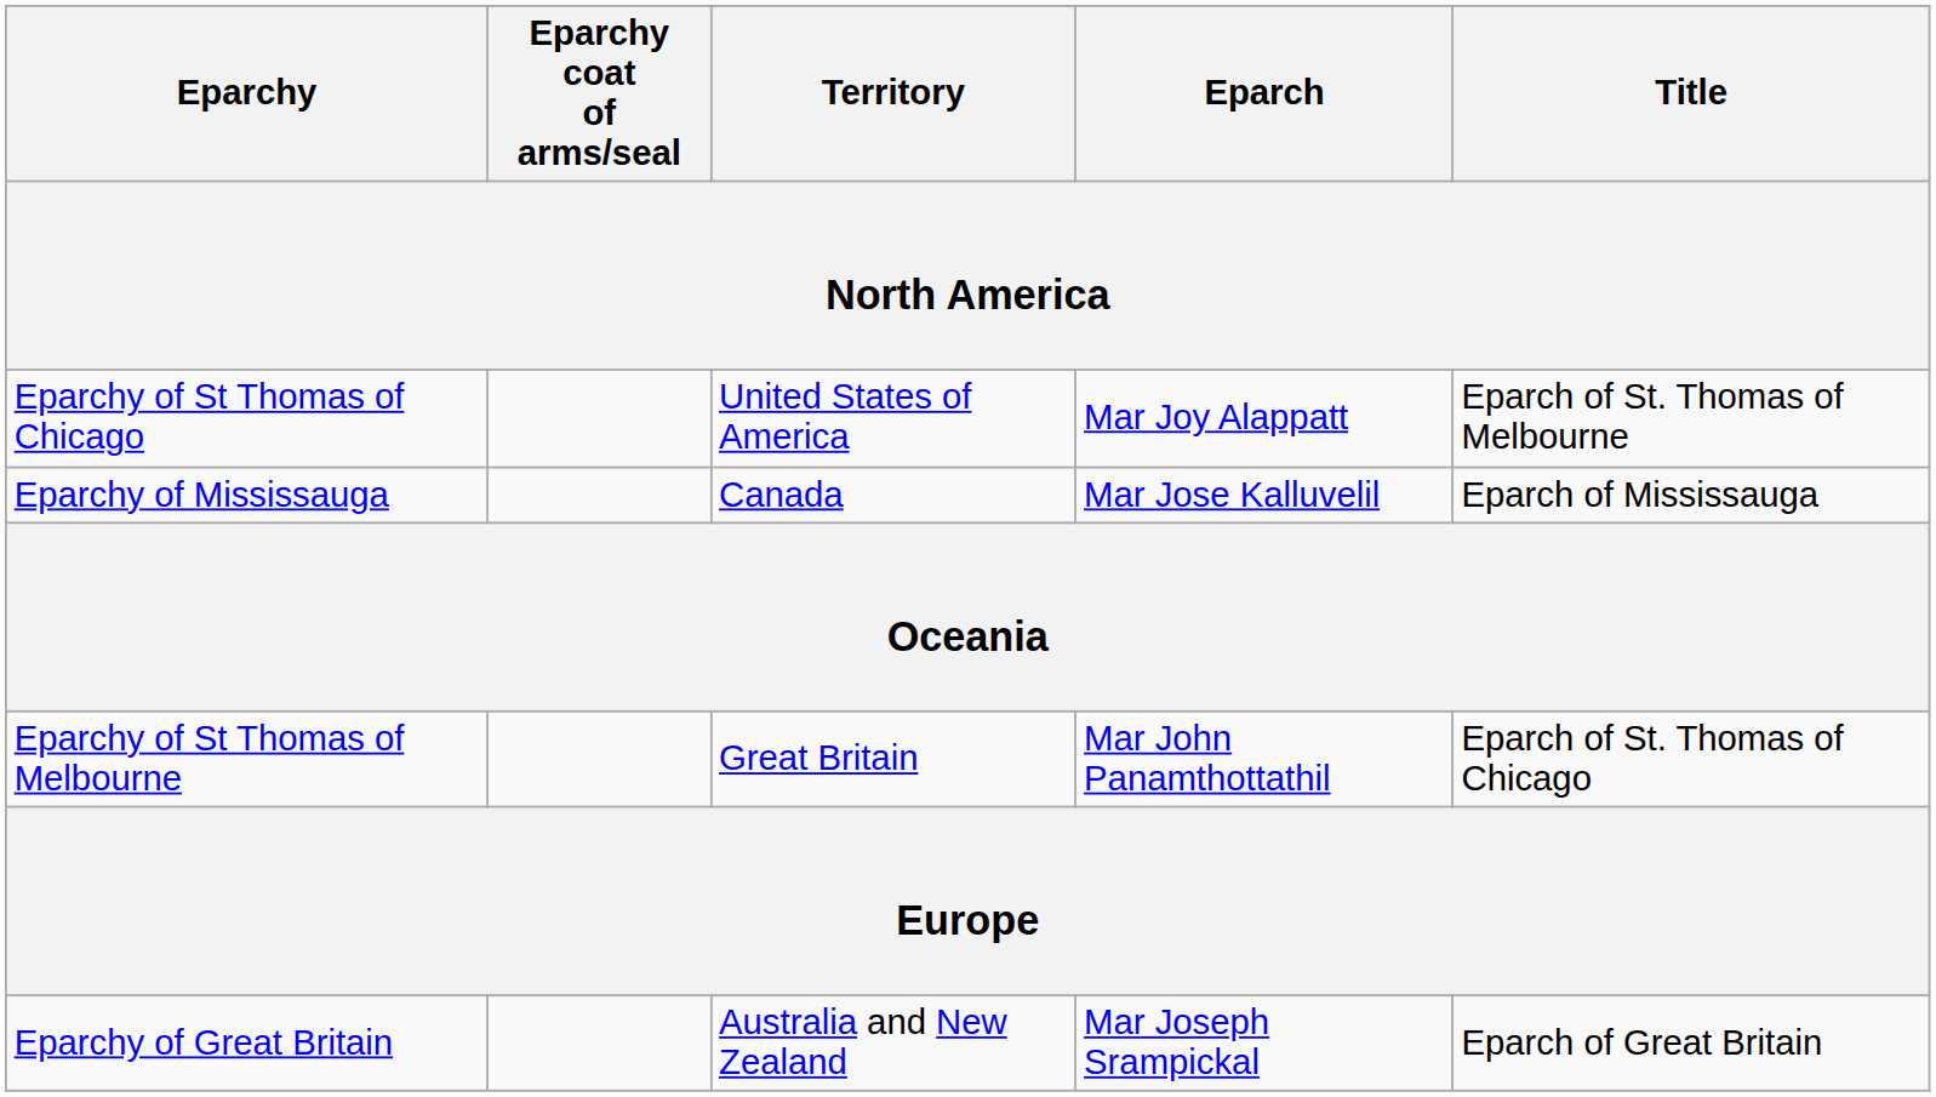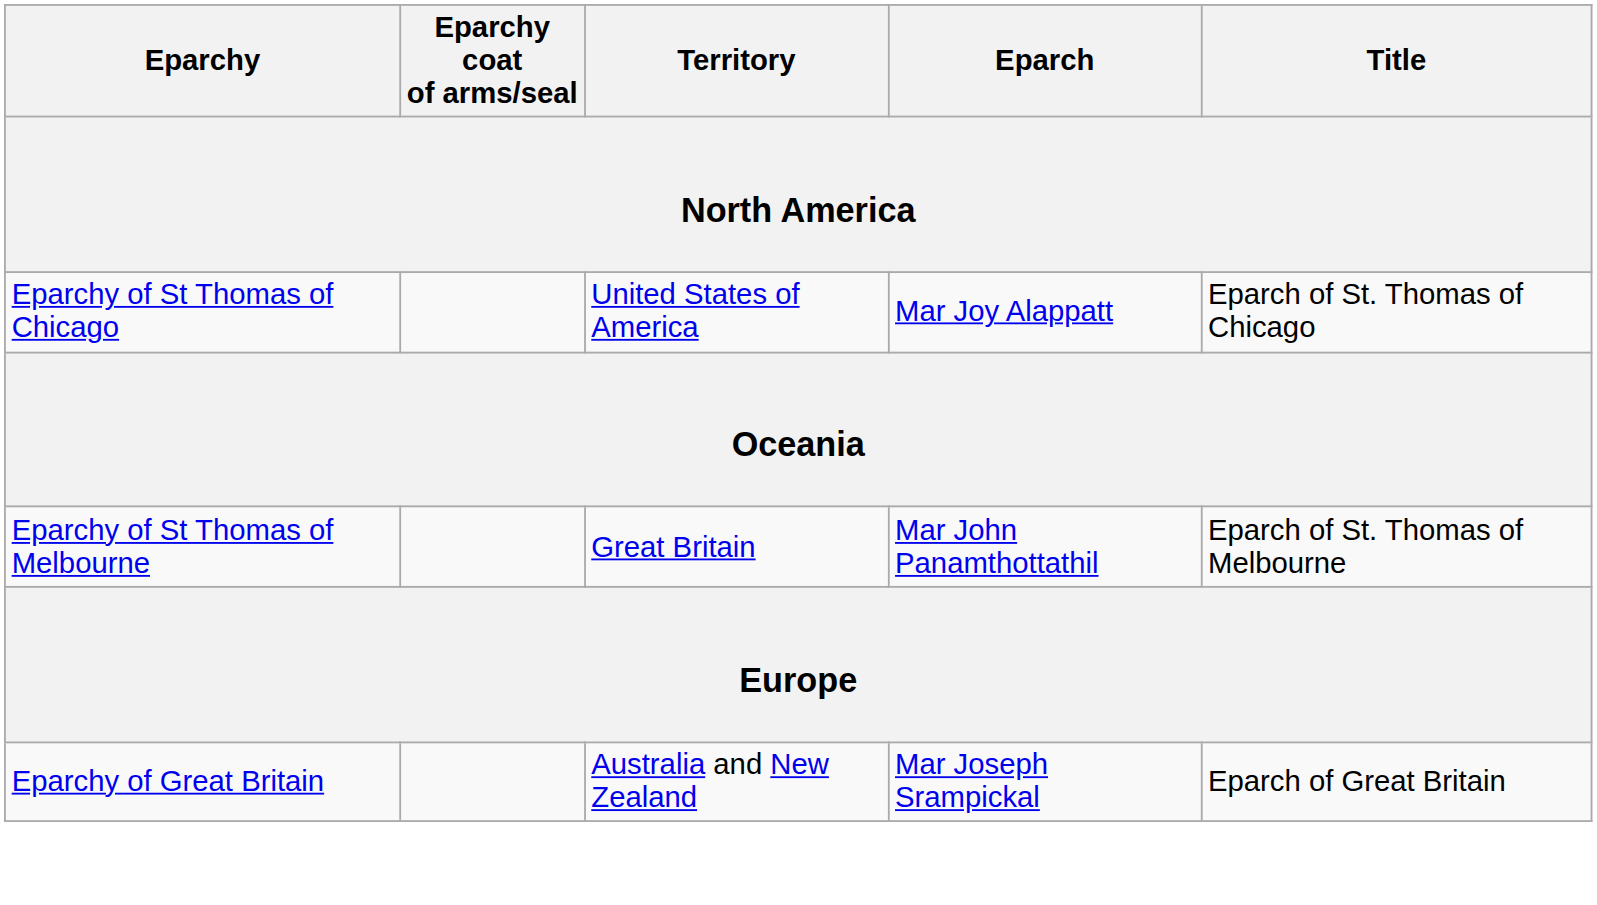 <table class="wikitable sortable">
 <tr>
 <th>Eparchy</th>
 <th>Eparchy coat<br>of arms/seal</th>
 <th>Territory</th>
 <th>Eparch</th>
 <th>Title</th>
 </tr>
 <tr>
 <th colspan="5"><br><h3>North America</h3></th>
 </tr>
 <tr>
 <td><a href='#'>Eparchy of St Thomas of Chicago</a></td>
 <td></td>
 <td><a href='#'>United States of America</a></td>
 <td><a href='#'>Mar Joy Alappatt</a></td>
-<td>Eparch of St. Thomas of Melbourne</td>
-</tr>
-<tr>
-<td><a href='#'>Eparchy of Mississauga</a></td>
-<td></td>
-<td><a href='#'>Canada</a></td>
-<td><a href='#'>Mar Jose Kalluvelil</a></td>
-<td>Eparch of Mississauga</td>
+<td>Eparch of St. Thomas of Chicago</td>
 </tr>
 <tr>
 <th colspan="5"><br><h3>Oceania</h3></th>
 </tr>
 <tr>
 <td><a href='#'>Eparchy of St Thomas of Melbourne</a></td>
 <td></td>
 <td><a href='#'>Great Britain</a></td>
 <td><a href='#'>Mar John Panamthottathil</a></td>
-<td>Eparch of St. Thomas of Chicago</td>
+<td>Eparch of St. Thomas of Melbourne</td>
 </tr>
 <tr>
 <th colspan="5"><br><h3>Europe</h3></th>
 </tr>
 <tr>
 <td><a href='#'>Eparchy of Great Britain</a></td>
 <td></td>
 <td><a href='#'>Australia</a> and <a href='#'>New Zealand</a></td>
 <td><a href='#'>Mar Joseph Srampickal</a></td>
 <td>Eparch of Great Britain</td>
 </tr>
 </table>
